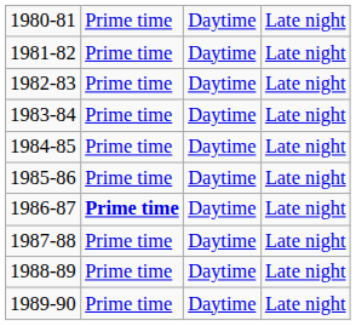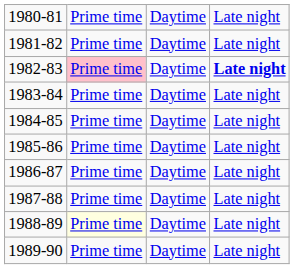 <table class="wikitable" border="1">
 <tr>
 <td>1980-81</td>
 <td><a href='#'>Prime time</a></td>
 <td><a href='#'>Daytime</a></td>
 <td><a href='#'>Late night</a></td>
 </tr>
 <tr>
 <td>1981-82</td>
 <td><a href='#'>Prime time</a></td>
 <td><a href='#'>Daytime</a></td>
 <td><a href='#'>Late night</a></td>
 </tr>
 <tr>
 <td>1982-83</td>
-<td><a href='#'>Prime time</a></td>
+<td style="background: pink;"><a href='#'>Prime time</a></td>
 <td><a href='#'>Daytime</a></td>
-<td><a href='#'>Late night</a></td>
+<td><strong><a href='#'>Late night</a></strong></td>
 </tr>
 <tr>
 <td>1983-84</td>
 <td><a href='#'>Prime time</a></td>
 <td><a href='#'>Daytime</a></td>
 <td><a href='#'>Late night</a></td>
 </tr>
 <tr>
 <td>1984-85</td>
 <td><a href='#'>Prime time</a></td>
 <td><a href='#'>Daytime</a></td>
 <td><a href='#'>Late night</a></td>
 </tr>
 <tr>
 <td>1985-86</td>
 <td><a href='#'>Prime time</a></td>
 <td><a href='#'>Daytime</a></td>
 <td><a href='#'>Late night</a></td>
 </tr>
 <tr>
 <td>1986-87</td>
-<td><strong><a href='#'>Prime time</a></strong></td>
+<td><a href='#'>Prime time</a></td>
 <td><a href='#'>Daytime</a></td>
 <td><a href='#'>Late night</a></td>
 </tr>
 <tr>
 <td>1987-88</td>
 <td><a href='#'>Prime time</a></td>
 <td><a href='#'>Daytime</a></td>
 <td><a href='#'>Late night</a></td>
 </tr>
 <tr>
 <td>1988-89</td>
-<td><a href='#'>Prime time</a></td>
+<td style="background: lightyellow;"><a href='#'>Prime time</a></td>
 <td><a href='#'>Daytime</a></td>
 <td><a href='#'>Late night</a></td>
 </tr>
 <tr>
 <td>1989-90</td>
 <td><a href='#'>Prime time</a></td>
 <td><a href='#'>Daytime</a></td>
 <td><a href='#'>Late night</a></td>
 </tr>
 </table>
